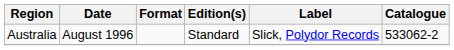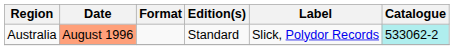 <table class="wikitable plainrowheaders">
 <tr>
 <th scope="col">Region</th>
 <th scope="col">Date</th>
 <th scope="col">Format</th>
 <th scope="col">Edition(s)</th>
 <th scope="col">Label</th>
 <th scope="col">Catalogue</th>
 </tr>
 <tr>
 <td>Australia</td>
-<td>August 1996</td>
+<td style="background: lightsalmon;">August 1996</td>
 <td></td>
 <td>Standard</td>
 <td>Slick, <a href='#'>Polydor Records</a></td>
-<td>533062-2</td>
+<td style="background: paleturquoise;">533062-2</td>
 </tr>
 <tr>
 </tr>
 </table>
